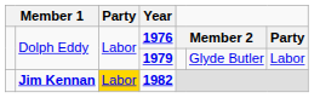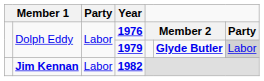 <table class="wikitable">
 <tr>
 <th colspan="2">Member 1</th>
 <th>Party</th>
 <th>Year</th>
 </tr>
 <tr>
 <td rowspan =2  > </td>
 <td rowspan =2><a href='#'>Dolph Eddy</a></td>
 <td rowspan =2><a href='#'>Labor</a></td>
 <td><strong><a href='#'>1976</a></strong></td>
 <th colspan="2">Member 2</th>
 <th>Party</th>
 </tr>
 <tr>
 <td><strong><a href='#'>1979</a></strong></td>
 <td> </td>
-<td><a href='#'>Glyde Butler</a></td>
-<td><a href='#'>Labor</a></td>
+<td><strong><a href='#'>Glyde Butler</a></strong></td>
+<td style="background: lightgrey;"><a href='#'>Labor</a></td>
 </tr>
 <tr>
 <td> </td>
 <td><strong><a href='#'>Jim Kennan</a></strong></td>
-<td style="background: gold;"><a href='#'>Labor</a></td>
+<td><a href='#'>Labor</a></td>
 <td><strong><a href='#'>1982</a></strong></td>
 <td colspan=4 bgcolor=#DFDFDF> </td>
 </tr>
 </table>
